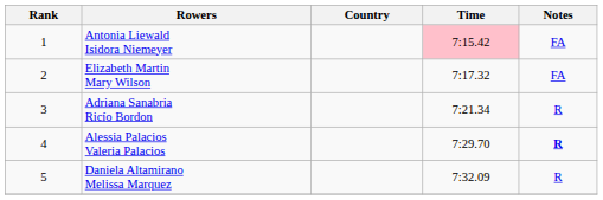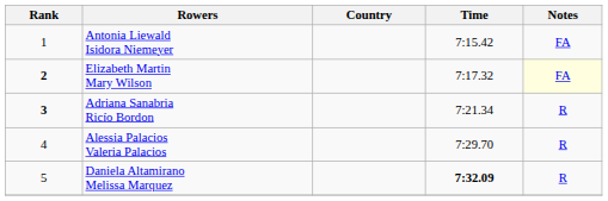 <table class="wikitable" width=60% style="text-align:center">
 <tr>
 <th>Rank</th>
 <th>Rowers</th>
 <th>Country</th>
 <th>Time</th>
 <th>Notes</th>
 </tr>
 <tr>
 <td>1</td>
 <td align=left><a href='#'>Antonia Liewald</a><br><a href='#'>Isidora Niemeyer</a></td>
 <td align=left></td>
-<td style="background: pink;">7:15.42</td>
+<td>7:15.42</td>
 <td><a href='#'>FA</a></td>
 </tr>
 <tr>
-<td>2</td>
+<td><strong>2</strong></td>
 <td align=left><a href='#'>Elizabeth Martin</a><br><a href='#'>Mary Wilson</a></td>
 <td align=left></td>
 <td>7:17.32</td>
-<td><a href='#'>FA</a></td>
+<td style="background: lightyellow;"><a href='#'>FA</a></td>
 </tr>
 <tr>
-<td>3</td>
+<td><strong>3</strong></td>
 <td align=left><a href='#'>Adriana Sanabria</a><br><a href='#'>Ricío Bordon</a></td>
 <td align=left></td>
 <td>7:21.34</td>
 <td><a href='#'>R</a></td>
 </tr>
 <tr>
 <td>4</td>
 <td align=left><a href='#'>Alessia Palacios</a><br><a href='#'>Valeria Palacios</a></td>
 <td align=left></td>
 <td>7:29.70</td>
-<td><strong><a href='#'>R</a></strong></td>
+<td><a href='#'>R</a></td>
 </tr>
 <tr>
 <td>5</td>
 <td align=left><a href='#'>Daniela Altamirano</a><br><a href='#'>Melissa Marquez</a></td>
 <td align=left></td>
-<td>7:32.09</td>
+<td><strong>7:32.09</strong></td>
 <td><a href='#'>R</a></td>
 </tr>
 <tr>
 </tr>
 </table>
